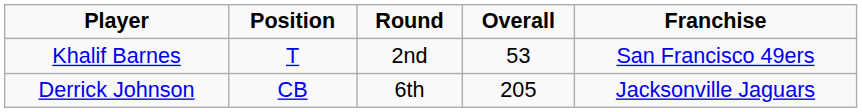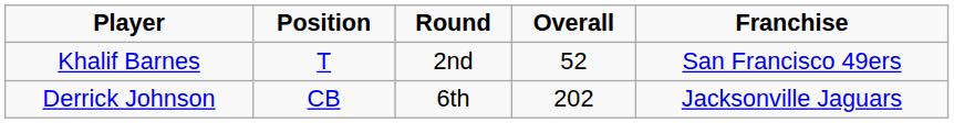 <table class="wikitable" width="50%">
 <tr align="center">
 <td><strong>Player</strong></td>
 <td><strong>Position</strong></td>
 <td><strong>Round</strong></td>
 <td><strong>Overall</strong></td>
 <td><strong>Franchise<em></td>
 </tr>
 <tr style="text-align:center;" bgcolor="">
 <td><a href='#'>Khalif Barnes</a></td>
 <td><a href='#'>T</a></td>
 <td>2nd</td>
-<td>53</td>
+<td>52</td>
 <td><a href='#'>San Francisco 49ers</a></td>
 </tr>
 <tr style="text-align:center;" bgcolor="">
 <td><a href='#'>Derrick Johnson</a></td>
 <td><a href='#'>CB</a></td>
 <td>6th</td>
-<td>205</td>
+<td>202</td>
 <td><a href='#'>Jacksonville Jaguars</a></td>
 </tr>
 </table>
